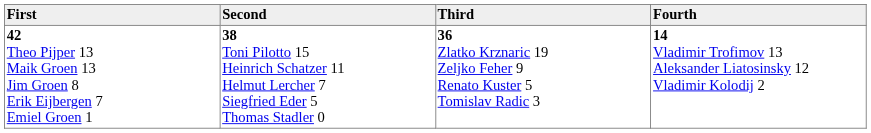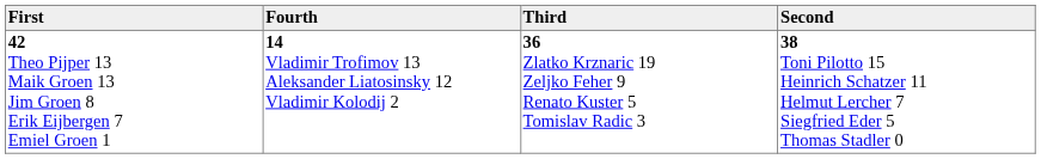 <table border=1 cellpadding=2 cellspacing=0 width=75% style="border-collapse:collapse">
 <tr align=left style="background:#efefef;">
 <th width=20%>First</th>
+<th width=20%>Fourth</th>
+<th width=20%>Third</th>
 <th width=20%>Second</th>
-<th width=20%>Third</th>
-<th width=20%>Fourth</th>
 </tr>
 <tr align=left>
 <td valign=top><strong> 42</strong><br><a href='#'>Theo Pijper</a> 13<br><a href='#'>Maik Groen</a> 13<br><a href='#'>Jim Groen</a> 8<br><a href='#'>Erik Eijbergen</a> 7<br><a href='#'>Emiel Groen</a> 1</td>
+<td valign=top><strong> 14</strong><br><a href='#'>Vladimir Trofimov</a> 13<br><a href='#'>Aleksander Liatosinsky</a> 12<br><a href='#'>Vladimir Kolodij</a> 2</td>
+<td valign=top><strong> 36</strong><br><a href='#'>Zlatko Krznaric</a> 19<br><a href='#'>Zeljko Feher</a> 9<br><a href='#'>Renato Kuster</a> 5<br><a href='#'>Tomislav Radic</a> 3</td>
 <td valign=top><strong> 38</strong><br><a href='#'>Toni Pilotto</a> 15<br><a href='#'>Heinrich Schatzer</a> 11<br><a href='#'>Helmut Lercher</a> 7<br><a href='#'>Siegfried Eder</a> 5<br><a href='#'>Thomas Stadler</a> 0</td>
-<td valign=top><strong> 36</strong><br><a href='#'>Zlatko Krznaric</a> 19<br><a href='#'>Zeljko Feher</a> 9<br><a href='#'>Renato Kuster</a> 5<br><a href='#'>Tomislav Radic</a> 3</td>
-<td valign=top><strong> 14</strong><br><a href='#'>Vladimir Trofimov</a> 13<br><a href='#'>Aleksander Liatosinsky</a> 12<br><a href='#'>Vladimir Kolodij</a> 2</td>
 </tr>
 </table>
